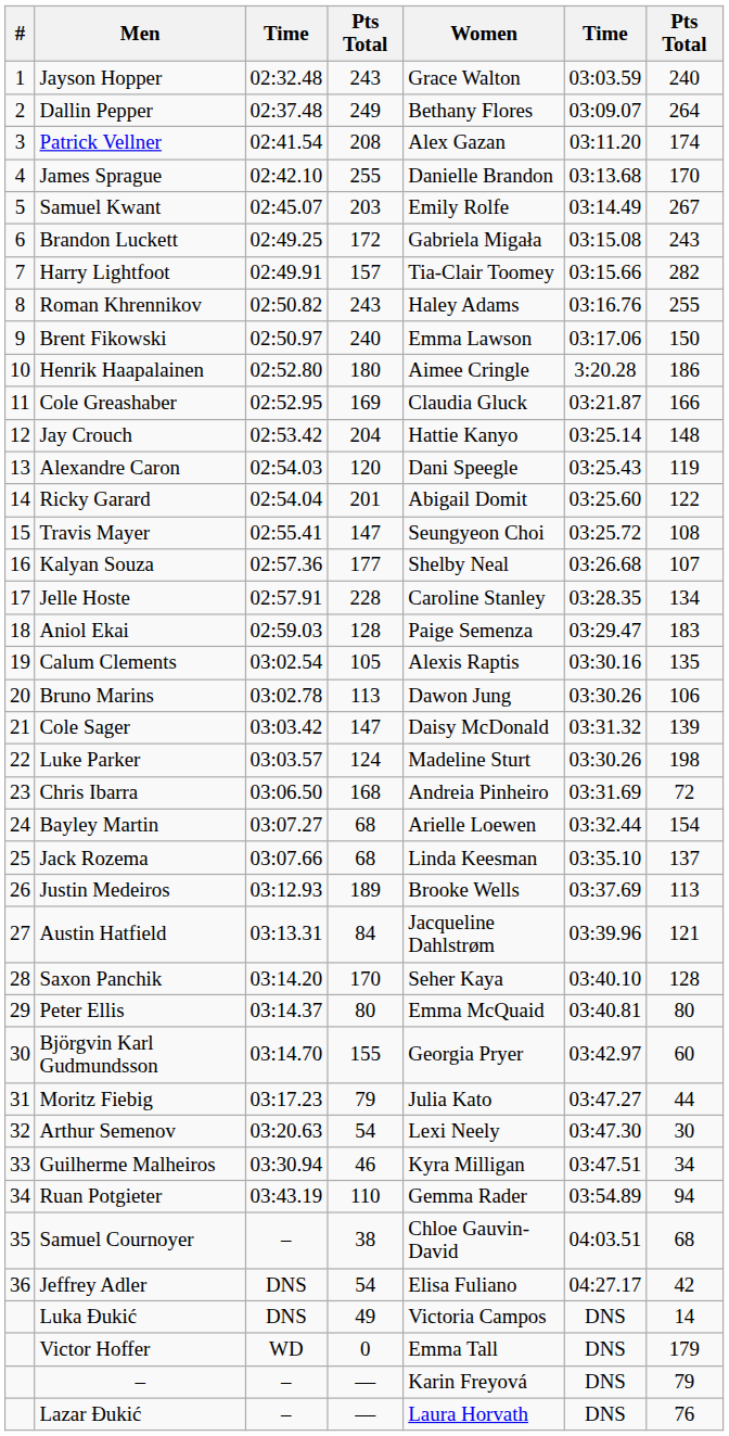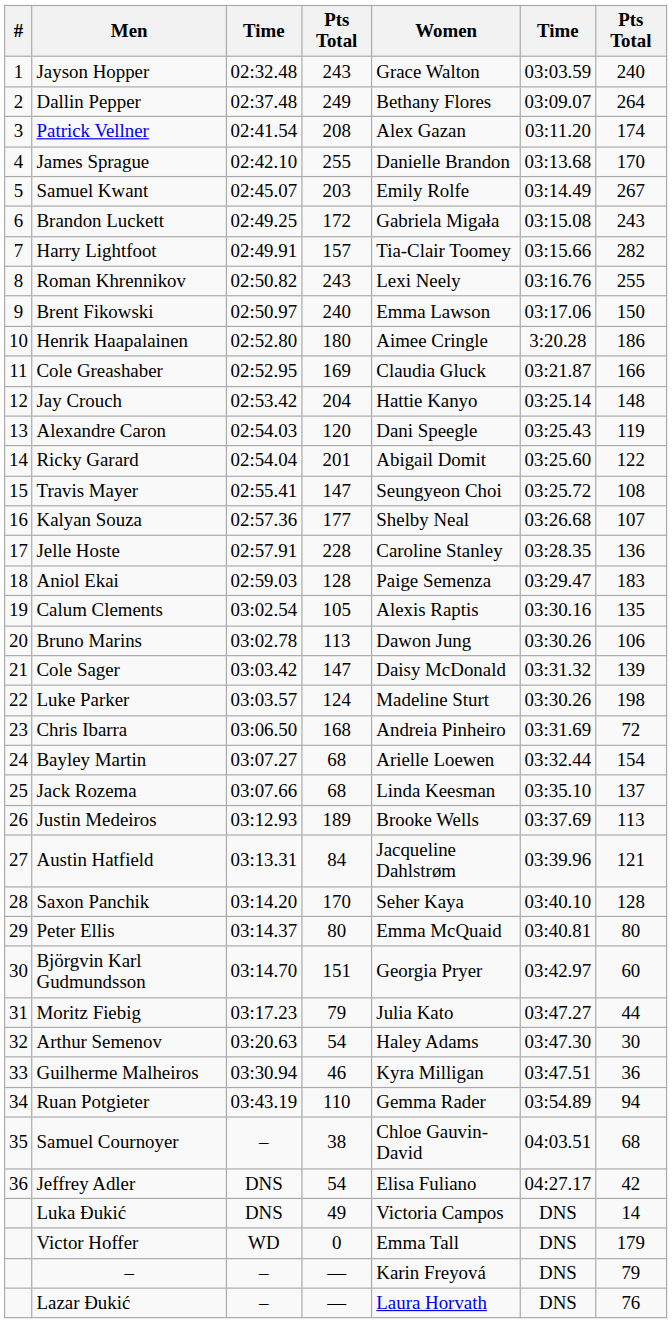 <table class="wikitable sortable" style="display: inline-table;width: 90%; text-align:center">
 <tr>
 <th>#</th>
 <th>Men</th>
 <th>Time</th>
 <th>Pts Total</th>
 <th>Women</th>
 <th>Time</th>
 <th>Pts Total</th>
 </tr>
 <tr>
 <td>1</td>
 <td align=left> Jayson Hopper</td>
 <td>02:32.48</td>
 <td>243</td>
 <td align=left> Grace Walton</td>
 <td>03:03.59</td>
 <td>240</td>
 </tr>
 <tr>
 <td>2</td>
 <td align=left> Dallin Pepper</td>
 <td>02:37.48</td>
 <td>249</td>
 <td align=left> Bethany Flores</td>
 <td>03:09.07</td>
 <td>264</td>
 </tr>
 <tr>
 <td>3</td>
 <td align=left> <a href='#'>Patrick Vellner</a></td>
 <td>02:41.54</td>
 <td>208</td>
 <td align=left> Alex Gazan</td>
 <td>03:11.20</td>
 <td>174</td>
 </tr>
 <tr>
 <td>4</td>
 <td align=left> James Sprague</td>
 <td>02:42.10</td>
 <td>255</td>
 <td align=left> Danielle Brandon</td>
 <td>03:13.68</td>
 <td>170</td>
 </tr>
 <tr>
 <td>5</td>
 <td align=left> Samuel Kwant</td>
 <td>02:45.07</td>
 <td>203</td>
 <td align=left> Emily Rolfe</td>
 <td>03:14.49</td>
 <td>267</td>
 </tr>
 <tr>
 <td>6</td>
 <td align=left> Brandon Luckett</td>
 <td>02:49.25</td>
 <td>172</td>
 <td align=left> Gabriela Migała</td>
 <td>03:15.08</td>
 <td>243</td>
 </tr>
 <tr>
 <td>7</td>
 <td align=left> Harry Lightfoot</td>
 <td>02:49.91</td>
 <td>157</td>
 <td align=left> Tia-Clair Toomey</td>
 <td>03:15.66</td>
 <td>282</td>
 </tr>
 <tr>
 <td>8</td>
 <td align=left> Roman Khrennikov</td>
 <td>02:50.82</td>
 <td>243</td>
-<td align=left> Haley Adams</td>
+<td align=left> Lexi Neely</td>
 <td>03:16.76</td>
 <td>255</td>
 </tr>
 <tr>
 <td>9</td>
 <td align=left> Brent Fikowski</td>
 <td>02:50.97</td>
 <td>240</td>
 <td align=left> Emma Lawson</td>
 <td>03:17.06</td>
 <td>150</td>
 </tr>
 <tr>
 <td>10</td>
 <td align=left> Henrik Haapalainen</td>
 <td>02:52.80</td>
 <td>180</td>
 <td align=left> Aimee Cringle</td>
 <td>3:20.28</td>
 <td>186</td>
 </tr>
 <tr>
 <td>11</td>
 <td align=left> Cole Greashaber</td>
 <td>02:52.95</td>
 <td>169</td>
 <td align=left> Claudia Gluck</td>
 <td>03:21.87</td>
 <td>166</td>
 </tr>
 <tr>
 <td>12</td>
 <td align=left> Jay Crouch</td>
 <td>02:53.42</td>
 <td>204</td>
 <td align=left> Hattie Kanyo</td>
 <td>03:25.14</td>
 <td>148</td>
 </tr>
 <tr>
 <td>13</td>
 <td align=left> Alexandre Caron</td>
 <td>02:54.03</td>
 <td>120</td>
 <td align=left> Dani Speegle</td>
 <td>03:25.43</td>
 <td>119</td>
 </tr>
 <tr>
 <td>14</td>
 <td align=left> Ricky Garard</td>
 <td>02:54.04</td>
 <td>201</td>
 <td align=left> Abigail Domit</td>
 <td>03:25.60</td>
 <td>122</td>
 </tr>
 <tr>
 <td>15</td>
 <td align=left> Travis Mayer</td>
 <td>02:55.41</td>
 <td>147</td>
 <td align=left> Seungyeon Choi</td>
 <td>03:25.72</td>
 <td>108</td>
 </tr>
 <tr>
 <td>16</td>
 <td align=left> Kalyan Souza</td>
 <td>02:57.36</td>
 <td>177</td>
 <td align=left> Shelby Neal</td>
 <td>03:26.68</td>
 <td>107</td>
 </tr>
 <tr>
 <td>17</td>
 <td align=left> Jelle Hoste</td>
 <td>02:57.91</td>
 <td>228</td>
 <td align=left> Caroline Stanley</td>
 <td>03:28.35</td>
-<td>134</td>
+<td>136</td>
 </tr>
 <tr>
 <td>18</td>
 <td align=left> Aniol Ekai</td>
 <td>02:59.03</td>
 <td>128</td>
 <td align=left> Paige Semenza</td>
 <td>03:29.47</td>
 <td>183</td>
 </tr>
 <tr>
 <td>19</td>
 <td align=left> Calum Clements</td>
 <td>03:02.54</td>
 <td>105</td>
 <td align=left> Alexis Raptis</td>
 <td>03:30.16</td>
 <td>135</td>
 </tr>
 <tr>
 <td>20</td>
 <td align=left> Bruno Marins</td>
 <td>03:02.78</td>
 <td>113</td>
 <td align=left> Dawon Jung</td>
 <td>03:30.26</td>
 <td>106</td>
 </tr>
 <tr>
 <td>21</td>
 <td align=left> Cole Sager</td>
 <td>03:03.42</td>
 <td>147</td>
 <td align=left> Daisy McDonald</td>
 <td>03:31.32</td>
 <td>139</td>
 </tr>
 <tr>
 <td>22</td>
 <td align=left> Luke Parker</td>
 <td>03:03.57</td>
 <td>124</td>
 <td align=left> Madeline Sturt</td>
 <td>03:30.26</td>
 <td>198</td>
 </tr>
 <tr>
 <td>23</td>
 <td align=left> Chris Ibarra</td>
 <td>03:06.50</td>
 <td>168</td>
 <td align=left> Andreia Pinheiro</td>
 <td>03:31.69</td>
 <td>72</td>
 </tr>
 <tr>
 <td>24</td>
 <td align=left> Bayley Martin</td>
 <td>03:07.27</td>
 <td>68</td>
 <td align=left> Arielle Loewen</td>
 <td>03:32.44</td>
 <td>154</td>
 </tr>
 <tr>
 <td>25</td>
 <td align=left> Jack Rozema</td>
 <td>03:07.66</td>
 <td>68</td>
 <td align=left> Linda Keesman</td>
 <td>03:35.10</td>
 <td>137</td>
 </tr>
 <tr>
 <td>26</td>
 <td align=left> Justin Medeiros</td>
 <td>03:12.93</td>
 <td>189</td>
 <td align=left> Brooke Wells</td>
 <td>03:37.69</td>
 <td>113</td>
 </tr>
 <tr>
 <td>27</td>
 <td align=left> Austin Hatfield</td>
 <td>03:13.31</td>
 <td>84</td>
 <td align=left> Jacqueline Dahlstrøm</td>
 <td>03:39.96</td>
 <td>121</td>
 </tr>
 <tr>
 <td>28</td>
 <td align=left> Saxon Panchik</td>
 <td>03:14.20</td>
 <td>170</td>
 <td align=left> Seher Kaya</td>
 <td>03:40.10</td>
 <td>128</td>
 </tr>
 <tr>
 <td>29</td>
 <td align=left> Peter Ellis</td>
 <td>03:14.37</td>
 <td>80</td>
 <td align=left> Emma McQuaid</td>
 <td>03:40.81</td>
 <td>80</td>
 </tr>
 <tr>
 <td>30</td>
 <td align=left> Björgvin Karl Gudmundsson</td>
 <td>03:14.70</td>
-<td>155</td>
+<td>151</td>
 <td align=left> Georgia Pryer</td>
 <td>03:42.97</td>
 <td>60</td>
 </tr>
 <tr>
 <td>31</td>
 <td align=left> Moritz Fiebig</td>
 <td>03:17.23</td>
 <td>79</td>
 <td align=left> Julia Kato</td>
 <td>03:47.27</td>
 <td>44</td>
 </tr>
 <tr>
 <td>32</td>
 <td align=left> Arthur Semenov</td>
 <td>03:20.63</td>
 <td>54</td>
-<td align=left> Lexi Neely</td>
+<td align=left> Haley Adams</td>
 <td>03:47.30</td>
 <td>30</td>
 </tr>
 <tr>
 <td>33</td>
 <td align=left> Guilherme Malheiros</td>
 <td>03:30.94</td>
 <td>46</td>
 <td align=left> Kyra Milligan</td>
 <td>03:47.51</td>
-<td>34</td>
+<td>36</td>
 </tr>
 <tr>
 <td>34</td>
 <td align=left> Ruan Potgieter</td>
 <td>03:43.19</td>
 <td>110</td>
 <td align=left> Gemma Rader</td>
 <td>03:54.89</td>
 <td>94</td>
 </tr>
 <tr>
 <td>35</td>
 <td align=left> Samuel Cournoyer</td>
 <td>–</td>
 <td>38</td>
 <td align=left> Chloe Gauvin-David</td>
 <td>04:03.51</td>
 <td>68</td>
 </tr>
 <tr>
 <td>36</td>
 <td align=left> Jeffrey Adler</td>
 <td>DNS</td>
 <td>54</td>
 <td align=left> Elisa Fuliano</td>
 <td>04:27.17</td>
 <td>42</td>
 </tr>
 <tr>
 <td></td>
 <td align=left> Luka Đukić</td>
 <td>DNS</td>
 <td>49</td>
 <td align=left> Victoria Campos</td>
 <td>DNS</td>
 <td>14</td>
 </tr>
 <tr>
 <td></td>
 <td align=left> Victor Hoffer</td>
 <td>WD</td>
 <td>0</td>
 <td align=left> Emma Tall</td>
 <td>DNS</td>
 <td>179</td>
 </tr>
 <tr>
 <td></td>
 <td>–</td>
 <td>–</td>
 <td>—</td>
 <td align=left> Karin Freyová</td>
 <td>DNS</td>
 <td>79</td>
 </tr>
 <tr>
 <td></td>
 <td align=left> Lazar Đukić</td>
 <td>–</td>
 <td>—</td>
 <td align=left> <a href='#'>Laura Horvath</a></td>
 <td>DNS</td>
 <td>76</td>
 </tr>
 </table>
